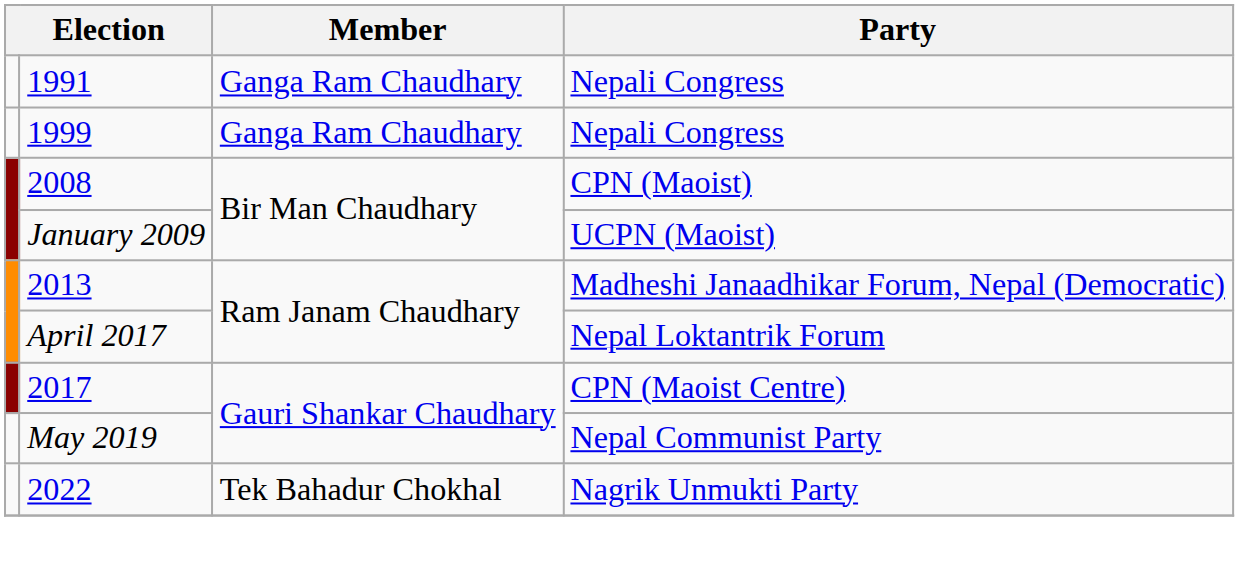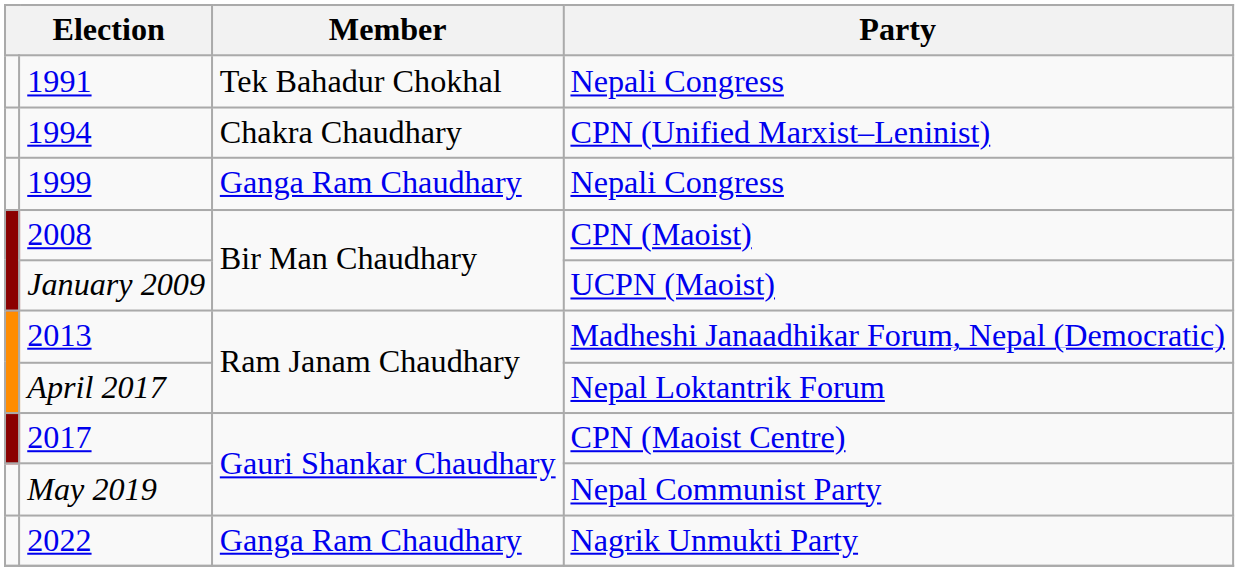 <table class="wikitable">
 <tr>
 <th colspan="2">Election</th>
 <th>Member</th>
 <th>Party</th>
 </tr>
 <tr>
 <td style="background-color:"></td>
 <td><a href='#'>1991</a></td>
-<td><a href='#'>Ganga Ram Chaudhary</a></td>
+<td>Tek Bahadur Chokhal</td>
 <td><a href='#'>Nepali Congress</a></td>
+</tr>
+<tr>
+<td style="background-color:"></td>
+<td><a href='#'>1994</a></td>
+<td>Chakra Chaudhary</td>
+<td><a href='#'>CPN (Unified Marxist–Leninist)</a></td>
 </tr>
 <tr>
 <td style="background-color:"></td>
 <td><a href='#'>1999</a></td>
 <td><a href='#'>Ganga Ram Chaudhary</a></td>
 <td><a href='#'>Nepali Congress</a></td>
 </tr>
 <tr>
 <td rowspan="2" style="background-color:darkred"></td>
 <td><a href='#'>2008</a></td>
 <td rowspan="2">Bir Man Chaudhary</td>
 <td><a href='#'>CPN (Maoist)</a></td>
 </tr>
 <tr>
 <td><em>January 2009</em></td>
 <td><a href='#'>UCPN (Maoist)</a></td>
 </tr>
 <tr>
 <td rowspan="2" style="background-color:darkorange"></td>
 <td><a href='#'>2013</a></td>
 <td rowspan="2">Ram Janam Chaudhary</td>
 <td><a href='#'>Madheshi Janaadhikar Forum, Nepal (Democratic)</a></td>
 </tr>
 <tr>
 <td><em>April 2017</em></td>
 <td><a href='#'>Nepal Loktantrik Forum</a></td>
 </tr>
 <tr>
 <td style="background-color:darkred"></td>
 <td><a href='#'>2017</a></td>
 <td rowspan="2"><a href='#'>Gauri Shankar Chaudhary</a></td>
 <td><a href='#'>CPN (Maoist Centre)</a></td>
 </tr>
 <tr>
 <td style="background-color:"></td>
 <td><em>May 2019</em></td>
 <td><a href='#'>Nepal Communist Party</a></td>
 </tr>
 <tr>
 <td></td>
 <td><a href='#'>2022</a></td>
-<td>Tek Bahadur Chokhal</td>
+<td><a href='#'>Ganga Ram Chaudhary</a></td>
 <td><a href='#'>Nagrik Unmukti Party</a></td>
 </tr>
 <tr>
 </tr>
 </table>
